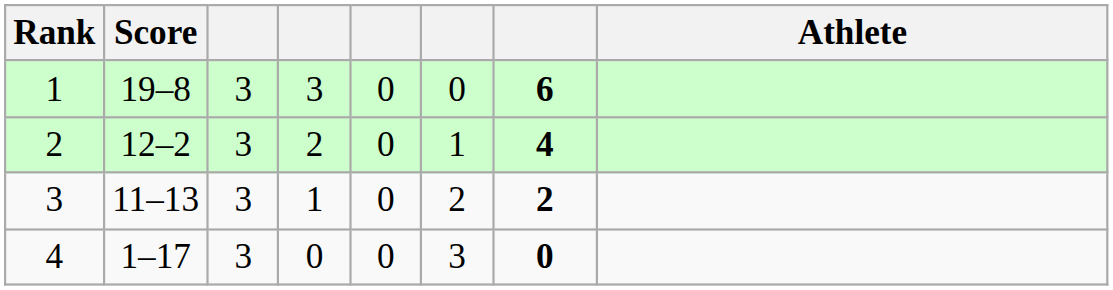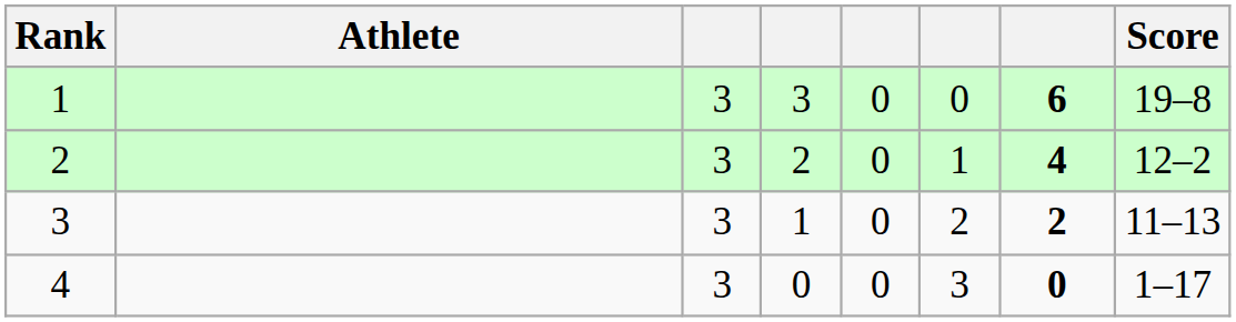 <table class="wikitable" style="text-align: center;">
 <tr>
 <th width=25>Rank</th>
-<th width=40>Score</th>
+<th width=225>Athlete</th>
 <th width=25></th>
 <th width=25></th>
 <th width=25></th>
 <th width=25></th>
 <th width=40></th>
-<th width=225>Athlete</th>
+<th width=40>Score</th>
 </tr>
 <tr bgcolor=ccffcc>
 <td>1</td>
-<td>19–8</td>
+<td align=left></td>
 <td>3</td>
 <td>3</td>
 <td>0</td>
 <td>0</td>
 <td><strong>6</strong></td>
-<td align=left></td>
+<td>19–8</td>
 </tr>
 <tr bgcolor=ccffcc>
 <td>2</td>
-<td>12–2</td>
+<td align=left></td>
 <td>3</td>
 <td>2</td>
 <td>0</td>
 <td>1</td>
 <td><strong>4</strong></td>
-<td align=left></td>
+<td>12–2</td>
 </tr>
 <tr>
 <td>3</td>
-<td>11–13</td>
+<td align=left></td>
 <td>3</td>
 <td>1</td>
 <td>0</td>
 <td>2</td>
 <td><strong>2</strong></td>
-<td align=left></td>
+<td>11–13</td>
 </tr>
 <tr>
 <td>4</td>
-<td>1–17</td>
+<td align=left></td>
 <td>3</td>
 <td>0</td>
 <td>0</td>
 <td>3</td>
 <td><strong>0</strong></td>
-<td align=left></td>
+<td>1–17</td>
 </tr>
 </table>
